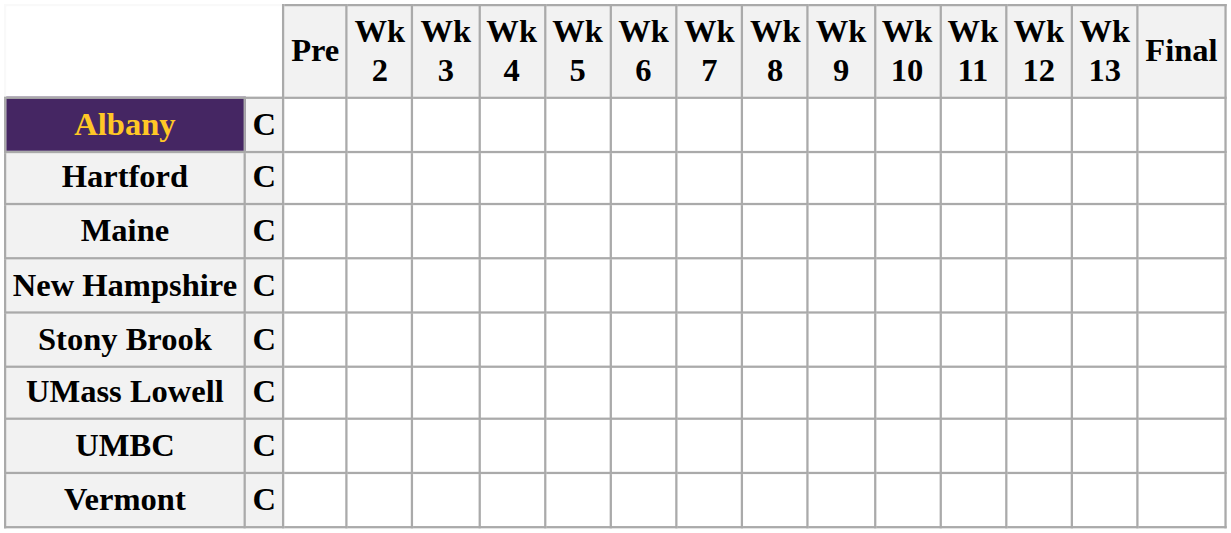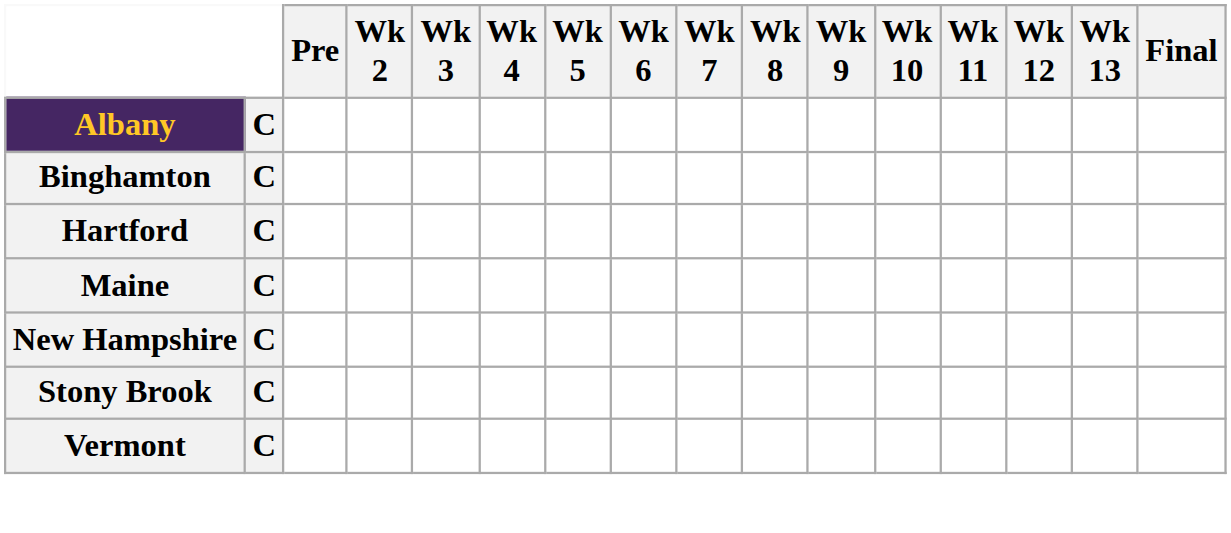 <table class="wikitable" style="white-space:nowrap;font-size:90%;">
 <tr>
 <th colspan=2 style="background:white; border-top-style:hidden; border-left-style:hidden;"> </th>
 <th>Pre</th>
 <th>Wk<br>2</th>
 <th>Wk<br>3</th>
 <th>Wk<br>4</th>
 <th>Wk<br>5</th>
 <th>Wk<br>6</th>
 <th>Wk<br>7</th>
 <th>Wk<br>8</th>
 <th>Wk<br>9</th>
 <th>Wk<br>10</th>
 <th>Wk<br>11</th>
 <th>Wk<br>12</th>
 <th>Wk<br>13</th>
 <th>Final</th>
 </tr>
 <tr style="text-align:center;">
 <th style="background:#452663; color:#FFC726;">Albany</th>
+<th>C</th>
+<td style="background:#FFF;"></td>
+<td style="background:#FFF;"></td>
+<td style="background:#FFF;"></td>
+<td style="background:#FFF;"></td>
+<td style="background:#FFF;"></td>
+<td style="background:#FFF;"></td>
+<td style="background:#FFF;"></td>
+<td style="background:#FFF;"></td>
+<td style="background:#FFF;"></td>
+<td style="background:#FFF;"></td>
+<td style="background:#FFF;"></td>
+<td style="background:#FFF;"></td>
+<td style="background:#FFF;"></td>
+<td style="background:#FFF;"></td>
+</tr>
+<tr style="text-align:center;">
+<th style="background:#">Binghamton</th>
 <th>C</th>
 <td style="background:#FFF;"></td>
 <td style="background:#FFF;"></td>
 <td style="background:#FFF;"></td>
 <td style="background:#FFF;"></td>
 <td style="background:#FFF;"></td>
 <td style="background:#FFF;"></td>
 <td style="background:#FFF;"></td>
 <td style="background:#FFF;"></td>
 <td style="background:#FFF;"></td>
 <td style="background:#FFF;"></td>
 <td style="background:#FFF;"></td>
 <td style="background:#FFF;"></td>
 <td style="background:#FFF;"></td>
 <td style="background:#FFF;"></td>
 </tr>
 <tr style="text-align:center;">
 <th style="background:#">Hartford</th>
 <th>C</th>
 <td style="background:#FFF;"></td>
 <td style="background:#FFF;"></td>
 <td style="background:#FFF;"></td>
 <td style="background:#FFF;"></td>
 <td style="background:#FFF;"></td>
 <td style="background:#FFF;"></td>
 <td style="background:#FFF;"></td>
 <td style="background:#FFF;"></td>
 <td style="background:#FFF;"></td>
 <td style="background:#FFF;"></td>
 <td style="background:#FFF;"></td>
 <td style="background:#FFF;"></td>
 <td style="background:#FFF;"></td>
 <td style="background:#FFF;"></td>
 </tr>
 <tr style="text-align:center;">
 <th style="background:#">Maine</th>
 <th>C</th>
 <td style="background:#FFF;"></td>
 <td style="background:#FFF;"></td>
 <td style="background:#FFF;"></td>
 <td style="background:#FFF;"></td>
 <td style="background:#FFF;"></td>
 <td style="background:#FFF;"></td>
 <td style="background:#FFF;"></td>
 <td style="background:#FFF;"></td>
 <td style="background:#FFF;"></td>
 <td style="background:#FFF;"></td>
 <td style="background:#FFF;"></td>
 <td style="background:#FFF;"></td>
 <td style="background:#FFF;"></td>
 <td style="background:#FFF;"></td>
 </tr>
 <tr style="text-align:center;">
 <th style="background:#">New Hampshire</th>
 <th>C</th>
 <td style="background:#FFF;"></td>
 <td style="background:#FFF;"></td>
 <td style="background:#FFF;"></td>
 <td style="background:#FFF;"></td>
 <td style="background:#FFF;"></td>
 <td style="background:#FFF;"></td>
 <td style="background:#FFF;"></td>
 <td style="background:#FFF;"></td>
 <td style="background:#FFF;"></td>
 <td style="background:#FFF;"></td>
 <td style="background:#FFF;"></td>
 <td style="background:#FFF;"></td>
 <td style="background:#FFF;"></td>
 <td style="background:#FFF;"></td>
 </tr>
 <tr style="text-align:center;">
 <th style="background:#">Stony Brook</th>
 <th>C</th>
 <td style="background:#FFF;"></td>
 <td style="background:#FFF;"></td>
 <td style="background:#FFF;"></td>
 <td style="background:#FFF;"></td>
 <td style="background:#FFF;"></td>
 <td style="background:#FFF;"></td>
 <td style="background:#FFF;"></td>
 <td style="background:#FFF;"></td>
 <td style="background:#FFF;"></td>
 <td style="background:#FFF;"></td>
 <td style="background:#FFF;"></td>
 <td style="background:#FFF;"></td>
 <td style="background:#FFF;"></td>
 <td style="background:#FFF;"></td>
 </tr>
 <tr style="text-align:center;">
-<th style="background:#">UMass Lowell</th>
-<th>C</th>
-<td style="background:#FFF;"></td>
-<td style="background:#FFF;"></td>
-<td style="background:#FFF;"></td>
-<td style="background:#FFF;"></td>
-<td style="background:#FFF;"></td>
-<td style="background:#FFF;"></td>
-<td style="background:#FFF;"></td>
-<td style="background:#FFF;"></td>
-<td style="background:#FFF;"></td>
-<td style="background:#FFF;"></td>
-<td style="background:#FFF;"></td>
-<td style="background:#FFF;"></td>
-<td style="background:#FFF;"></td>
-<td style="background:#FFF;"></td>
-</tr>
-<tr style="text-align:center;">
-<th style="background:#">UMBC</th>
-<th>C</th>
-<td style="background:#FFF;"></td>
-<td style="background:#FFF;"></td>
-<td style="background:#FFF;"></td>
-<td style="background:#FFF;"></td>
-<td style="background:#FFF;"></td>
-<td style="background:#FFF;"></td>
-<td style="background:#FFF;"></td>
-<td style="background:#FFF;"></td>
-<td style="background:#FFF;"></td>
-<td style="background:#FFF;"></td>
-<td style="background:#FFF;"></td>
-<td style="background:#FFF;"></td>
-<td style="background:#FFF;"></td>
-<td style="background:#FFF;"></td>
-</tr>
-<tr style="text-align:center;">
 <th style="background:#">Vermont</th>
 <th>C</th>
 <td style="background:#FFF;"></td>
 <td style="background:#FFF;"></td>
 <td style="background:#FFF;"></td>
 <td style="background:#FFF;"></td>
 <td style="background:#FFF;"></td>
 <td style="background:#FFF;"></td>
 <td style="background:#FFF;"></td>
 <td style="background:#FFF;"></td>
 <td style="background:#FFF;"></td>
 <td style="background:#FFF;"></td>
 <td style="background:#FFF;"></td>
 <td style="background:#FFF;"></td>
 <td style="background:#FFF;"></td>
 <td style="background:#FFF;"></td>
 </tr>
 </table>
